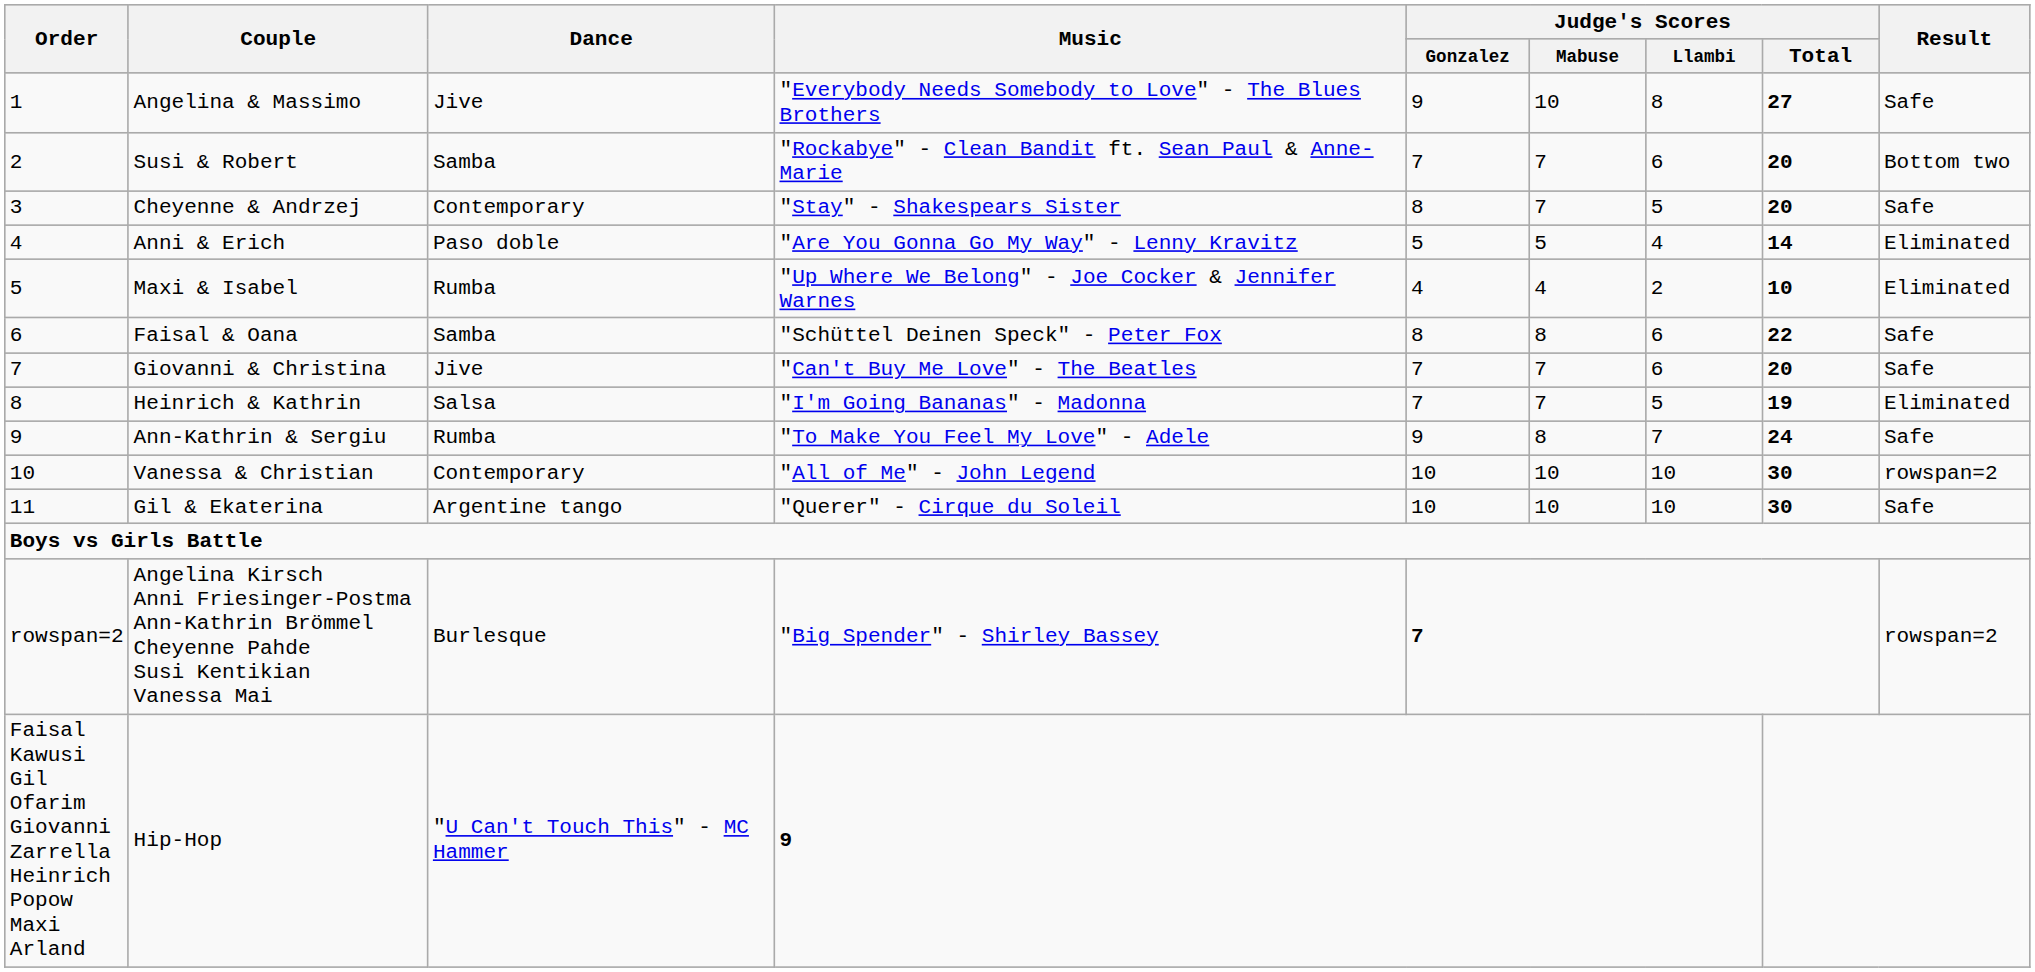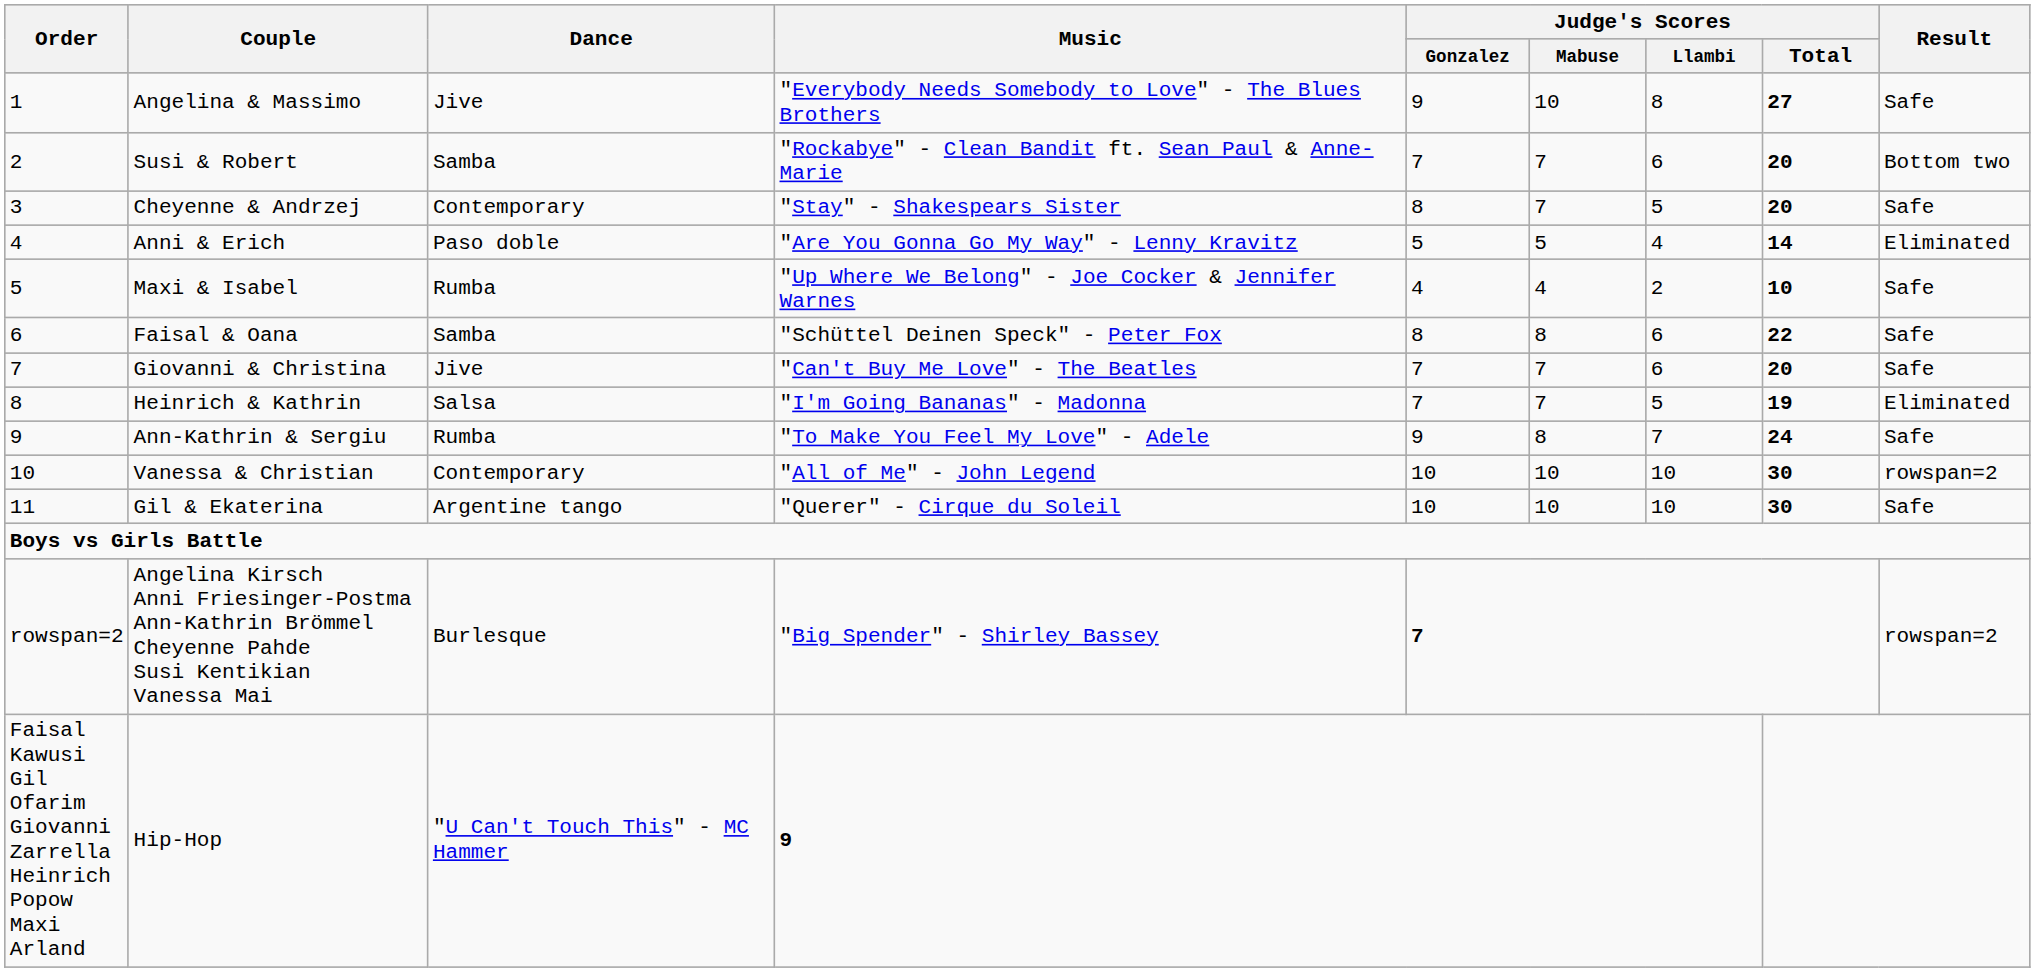 <table class="wikitable sortable center">
 <tr>
 <th rowspan="2" style="width: 4em">Order</th>
 <th rowspan="2" style="width: 17em">Couple</th>
 <th rowspan="2" style="width: 20em">Dance</th>
 <th rowspan="2" style="width: 40em">Music</th>
 <th colspan="4">Judge's Scores</th>
 <th rowspan="2" style="width: 7em">Result</th>
 </tr>
 <tr>
 <th style="width: 6em"><small> Gonzalez</small></th>
 <th style="width: 6em"><small> Mabuse</small></th>
 <th style="width: 6em"><small> Llambi</small></th>
 <th style="width: 6em">Total</th>
 </tr>
 <tr>
 <td>1</td>
 <td>Angelina & Massimo</td>
 <td>Jive</td>
 <td>"<a href='#'>Everybody Needs Somebody to Love</a>" - <a href='#'>The Blues Brothers</a></td>
 <td>9</td>
 <td>10</td>
 <td>8</td>
 <td><strong>27</strong></td>
 <td>Safe</td>
 </tr>
 <tr>
 <td>2</td>
 <td>Susi & Robert</td>
 <td>Samba</td>
 <td>"<a href='#'>Rockabye</a>" - <a href='#'>Clean Bandit</a> ft. <a href='#'>Sean Paul</a> & <a href='#'>Anne-Marie</a></td>
 <td>7</td>
 <td>7</td>
 <td>6</td>
 <td><strong>20</strong></td>
 <td>Bottom two</td>
 </tr>
 <tr>
 <td>3</td>
 <td>Cheyenne & Andrzej</td>
 <td>Contemporary</td>
 <td>"<a href='#'>Stay</a>" - <a href='#'>Shakespears Sister</a></td>
 <td>8</td>
 <td>7</td>
 <td>5</td>
 <td><strong>20</strong></td>
 <td>Safe</td>
 </tr>
 <tr>
 <td>4</td>
 <td>Anni & Erich</td>
 <td>Paso doble</td>
 <td>"<a href='#'>Are You Gonna Go My Way</a>" - <a href='#'>Lenny Kravitz</a></td>
 <td>5</td>
 <td>5</td>
 <td>4</td>
 <td><strong>14</strong></td>
 <td>Eliminated</td>
 </tr>
 <tr>
 <td>5</td>
 <td>Maxi & Isabel</td>
 <td>Rumba</td>
 <td>"<a href='#'>Up Where We Belong</a>" - <a href='#'>Joe Cocker</a> & <a href='#'>Jennifer Warnes</a></td>
 <td>4</td>
 <td>4</td>
 <td>2</td>
 <td><strong>10</strong></td>
-<td>Eliminated</td>
+<td>Safe</td>
 </tr>
 <tr>
 <td>6</td>
 <td>Faisal & Oana</td>
 <td>Samba</td>
 <td>"Schüttel Deinen Speck" - <a href='#'>Peter Fox</a></td>
 <td>8</td>
 <td>8</td>
 <td>6</td>
 <td><strong>22</strong></td>
 <td>Safe</td>
 </tr>
 <tr>
 <td>7</td>
 <td>Giovanni & Christina</td>
 <td>Jive</td>
 <td>"<a href='#'>Can't Buy Me Love</a>" - <a href='#'>The Beatles</a></td>
 <td>7</td>
 <td>7</td>
 <td>6</td>
 <td><strong>20</strong></td>
 <td>Safe</td>
 </tr>
 <tr>
 <td>8</td>
 <td>Heinrich & Kathrin</td>
 <td>Salsa</td>
 <td>"<a href='#'>I'm Going Bananas</a>" - <a href='#'>Madonna</a></td>
 <td>7</td>
 <td>7</td>
 <td>5</td>
 <td><strong>19</strong></td>
 <td>Eliminated</td>
 </tr>
 <tr>
 <td>9</td>
 <td>Ann-Kathrin & Sergiu</td>
 <td>Rumba</td>
 <td>"<a href='#'>To Make You Feel My Love</a>" - <a href='#'>Adele</a></td>
 <td>9</td>
 <td>8</td>
 <td>7</td>
 <td><strong>24</strong></td>
 <td>Safe</td>
 </tr>
 <tr>
 <td>10</td>
 <td>Vanessa & Christian</td>
 <td>Contemporary</td>
 <td>"<a href='#'>All of Me</a>" - <a href='#'>John Legend</a></td>
 <td>10</td>
 <td>10</td>
 <td>10</td>
 <td><strong>30</strong></td>
 <td>rowspan=2 </td>
 </tr>
 <tr>
 <td>11</td>
 <td>Gil & Ekaterina</td>
 <td>Argentine tango</td>
 <td>"Querer" - <a href='#'>Cirque du Soleil</a></td>
 <td>10</td>
 <td>10</td>
 <td>10</td>
 <td><strong>30</strong></td>
 <td>Safe</td>
 </tr>
 <tr>
 <td colspan=9><strong>Boys vs Girls Battle</strong></td>
 </tr>
 <tr>
 <td>rowspan=2 </td>
 <td>Angelina Kirsch<br>Anni Friesinger-Postma<br>Ann-Kathrin Brömmel<br>Cheyenne Pahde<br>Susi Kentikian<br>Vanessa Mai</td>
 <td>Burlesque</td>
 <td>"<a href='#'>Big Spender</a>" - <a href='#'>Shirley Bassey</a></td>
 <td colspan=4><strong>7</strong></td>
 <td>rowspan=2 </td>
 </tr>
 <tr>
 <td>Faisal Kawusi<br>Gil Ofarim<br>Giovanni Zarrella<br>Heinrich Popow<br>Maxi Arland</td>
 <td>Hip-Hop</td>
 <td>"<a href='#'>U Can't Touch This</a>" - <a href='#'>MC Hammer</a></td>
 <td colspan=4><strong>9</strong></td>
 </tr>
 </table>
